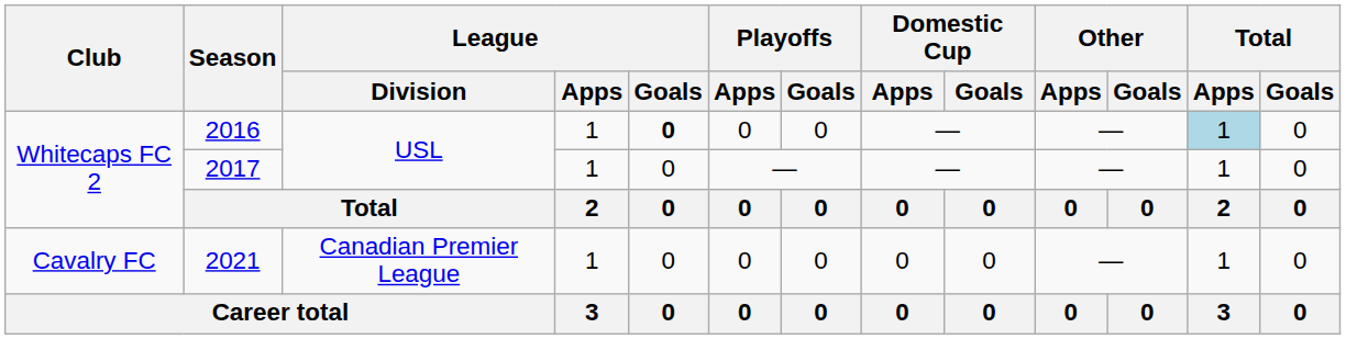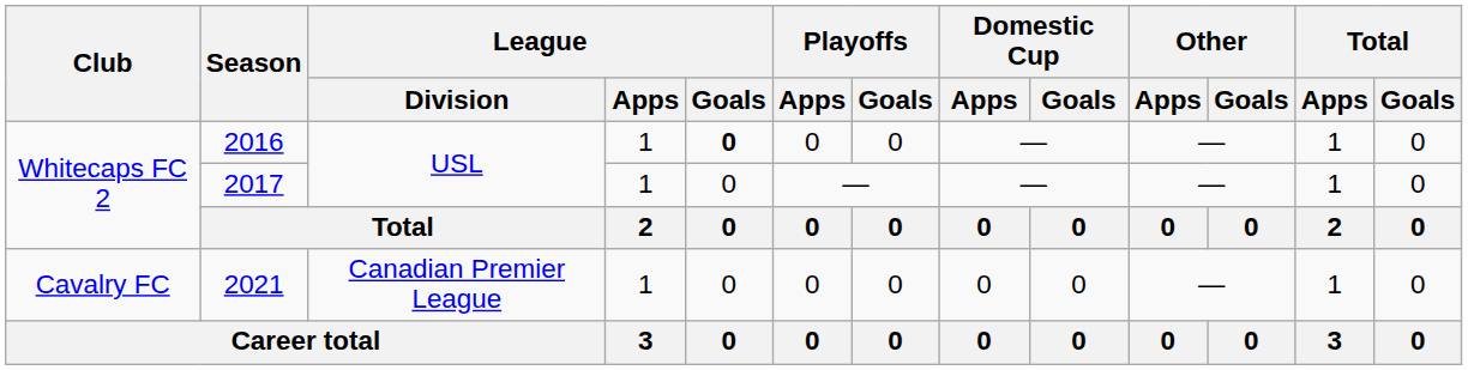 <table class="wikitable" style="text-align: center;">
 <tr>
 <th rowspan="2">Club</th>
 <th rowspan="2">Season</th>
 <th colspan="3">League</th>
 <th colspan="2">Playoffs</th>
 <th colspan="2">Domestic Cup</th>
 <th colspan="2">Other</th>
 <th colspan="2">Total</th>
 </tr>
 <tr>
 <th>Division</th>
 <th>Apps</th>
 <th>Goals</th>
 <th>Apps</th>
 <th>Goals</th>
 <th>Apps</th>
 <th>Goals</th>
 <th>Apps</th>
 <th>Goals</th>
 <th>Apps</th>
 <th>Goals</th>
 </tr>
 <tr>
 <td rowspan="3"><a href='#'>Whitecaps FC 2</a></td>
 <td><a href='#'>2016</a></td>
 <td rowspan=2><a href='#'>USL</a></td>
 <td>1</td>
 <td><strong>0</strong></td>
 <td>0</td>
 <td>0</td>
 <td colspan="2">—</td>
 <td colspan="2">—</td>
-<td style="background: lightblue;">1</td>
+<td>1</td>
 <td>0</td>
 </tr>
 <tr>
 <td><a href='#'>2017</a></td>
 <td>1</td>
 <td>0</td>
 <td colspan="2">—</td>
 <td colspan="2">—</td>
 <td colspan="2">—</td>
 <td>1</td>
 <td>0</td>
 </tr>
 <tr>
 <th colspan="2">Total</th>
 <th>2</th>
 <th>0</th>
 <th>0</th>
 <th>0</th>
 <th>0</th>
 <th>0</th>
 <th>0</th>
 <th>0</th>
 <th>2</th>
 <th>0</th>
 </tr>
 <tr>
 <td><a href='#'>Cavalry FC</a></td>
 <td><a href='#'>2021</a></td>
 <td><a href='#'>Canadian Premier League</a></td>
 <td>1</td>
 <td>0</td>
 <td>0</td>
 <td>0</td>
 <td>0</td>
 <td>0</td>
 <td colspan="2">—</td>
 <td>1</td>
 <td>0</td>
 </tr>
 <tr>
 <th colspan="3">Career total</th>
 <th>3</th>
 <th>0</th>
 <th>0</th>
 <th>0</th>
 <th>0</th>
 <th>0</th>
 <th>0</th>
 <th>0</th>
 <th>3</th>
 <th>0</th>
 </tr>
 </table>
